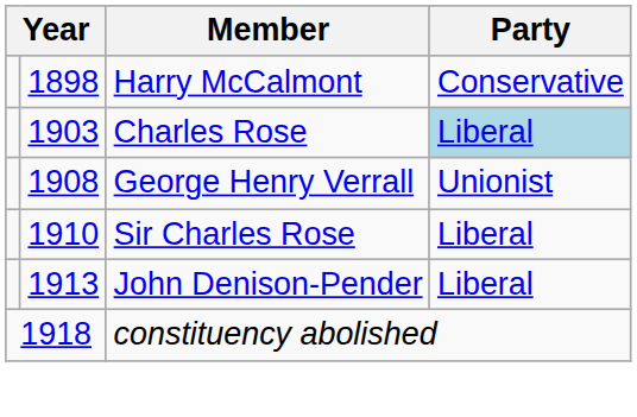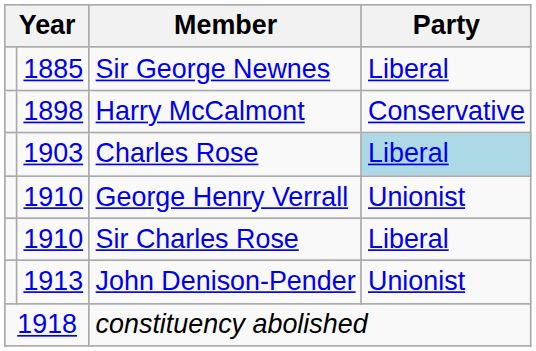 <table class="wikitable">
 <tr>
 <th colspan="2">Year</th>
 <th>Member</th>
 <th>Party</th>
+</tr>
+<tr>
+<td style="color:inherit;background-color: "></td>
+<td><a href='#'>1885</a></td>
+<td><a href='#'>Sir George Newnes</a></td>
+<td><a href='#'>Liberal</a></td>
 </tr>
 <tr>
 <td style="color:inherit;background-color: "></td>
 <td><a href='#'>1898</a></td>
 <td><a href='#'>Harry McCalmont</a></td>
 <td><a href='#'>Conservative</a></td>
 </tr>
 <tr>
 <td style="color:inherit;background-color: "></td>
 <td><a href='#'>1903</a></td>
 <td><a href='#'>Charles Rose</a></td>
 <td style="background: lightblue;"><a href='#'>Liberal</a></td>
 </tr>
 <tr>
 <td style="color:inherit;background-color: "></td>
-<td><a href='#'>1908</a></td>
+<td><a href='#'>1910</a></td>
 <td><a href='#'>George Henry Verrall</a></td>
 <td><a href='#'>Unionist</a></td>
 </tr>
 <tr>
 <td style="color:inherit;background-color: "></td>
 <td><a href='#'>1910</a></td>
 <td><a href='#'>Sir Charles Rose</a></td>
 <td><a href='#'>Liberal</a></td>
 </tr>
 <tr>
 <td style="color:inherit;background-color: "></td>
 <td><a href='#'>1913</a></td>
 <td><a href='#'>John Denison-Pender</a></td>
-<td><a href='#'>Liberal</a></td>
+<td><a href='#'>Unionist</a></td>
 </tr>
 <tr>
 <td colspan="2" align="center"><a href='#'>1918</a></td>
 <td colspan="2"><em>constituency abolished</em></td>
 </tr>
 </table>
